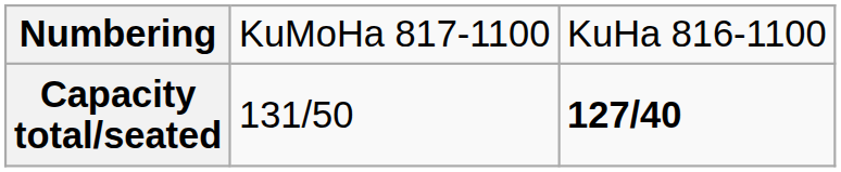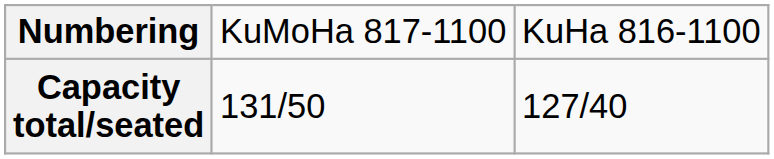 <table class="wikitable">
 <tr>
 <th>Numbering</th>
 <td>KuMoHa 817-1100</td>
 <td>KuHa 816-1100</td>
 </tr>
 <tr>
 <th>Capacity<br>total/seated</th>
 <td>131/50</td>
-<td><strong>127/40</strong></td>
+<td>127/40</td>
 </tr>
 </table>
